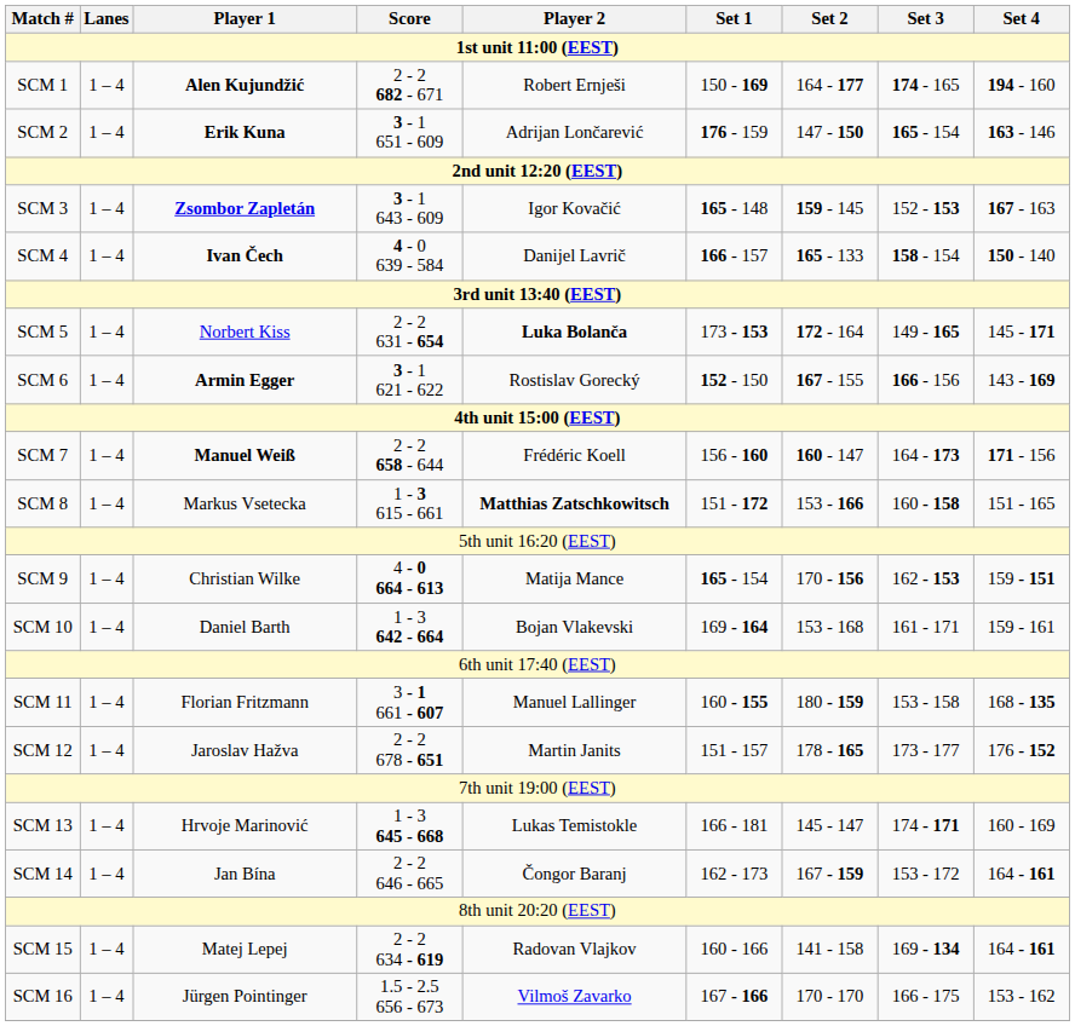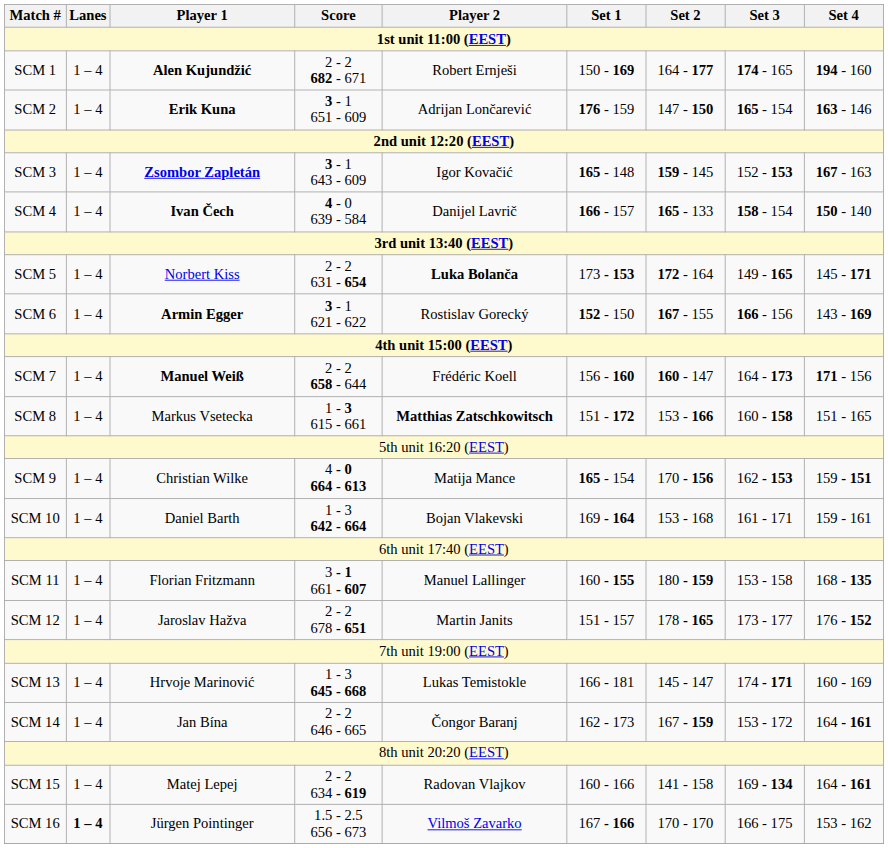 <table class="wikitable">
 <tr>
 <th width="7%">Match #</th>
 <th width="5%">Lanes</th>
 <th width="21%">Player 1</th>
 <th width="10%">Score</th>
 <th width="21%">Player 2</th>
 <th width="9%">Set 1</th>
 <th width="9%">Set 2</th>
 <th width="9%">Set 3</th>
 <th width="9%">Set 4</th>
 </tr>
 <tr>
 <td colspan="9" style="text-align:center; background-color:#FFFACD"><strong>1st unit 11:00 (<a href='#'>EEST</a>)</strong></td>
 </tr>
 <tr style=text-align:center;"background:#;">
 <td>SCM 1</td>
 <td>1 – 4</td>
 <td> <strong>Alen Kujundžić</strong></td>
 <td>2 - 2 <br> <strong>682</strong> - 671</td>
 <td> Robert Ernješi</td>
 <td>150 - <strong>169</strong></td>
 <td>164 - <strong>177</strong></td>
 <td><strong>174</strong> - 165</td>
 <td><strong>194</strong> - 160</td>
 </tr>
 <tr style=text-align:center;"background:#;">
 <td>SCM 2</td>
 <td>1 – 4</td>
 <td> <strong>Erik Kuna</strong></td>
 <td><strong>3</strong> - 1 <br> 651 - 609</td>
 <td> Adrijan Lončarević</td>
 <td><strong>176</strong> - 159</td>
 <td>147 - <strong>150</strong></td>
 <td><strong>165</strong> - 154</td>
 <td><strong>163</strong> - 146</td>
 </tr>
 <tr>
 <td colspan="9" style="text-align:center; background-color:#FFFACD"><strong>2nd unit 12:20 (<a href='#'>EEST</a>)</strong></td>
 </tr>
 <tr style=text-align:center;"background:#;">
 <td>SCM 3</td>
 <td>1 – 4</td>
 <td> <strong><a href='#'>Zsombor Zapletán</a></strong></td>
 <td><strong>3</strong> - 1 <br> 643 - 609</td>
 <td> Igor Kovačić</td>
 <td><strong>165</strong> - 148</td>
 <td><strong>159</strong> - 145</td>
 <td>152 - <strong>153</strong></td>
 <td><strong>167</strong> - 163</td>
 </tr>
 <tr style=text-align:center;"background:#;">
 <td>SCM 4</td>
 <td>1 – 4</td>
 <td> <strong>Ivan Čech</strong></td>
 <td><strong>4</strong> - 0 <br> 639 - 584</td>
 <td> Danijel Lavrič</td>
 <td><strong>166</strong> - 157</td>
 <td><strong>165</strong> - 133</td>
 <td><strong>158</strong> - 154</td>
 <td><strong>150</strong> - 140</td>
 </tr>
 <tr>
 <td colspan="9" style="text-align:center; background-color:#FFFACD"><strong>3rd unit 13:40 (<a href='#'>EEST</a>)</strong></td>
 </tr>
 <tr style=text-align:center;"background:#;">
 <td>SCM 5</td>
 <td>1 – 4</td>
 <td> <a href='#'>Norbert Kiss</a></td>
 <td>2 - 2 <br> 631 - <strong>654</strong></td>
 <td> <strong>Luka Bolanča</strong></td>
 <td></strong>173<strong> - 153</td>
 <td><strong>172</strong> - 164</td>
 <td>149 - <strong>165</strong></td>
 <td>145 - <strong>171</strong></td>
 </tr>
 <tr style=text-align:center;"background:#;">
 <td>SCM 6</td>
 <td>1 – 4</td>
 <td> <strong>Armin Egger</strong></td>
 <td><strong>3</strong> - 1 <br> 621 - 622</td>
 <td> Rostislav Gorecký</td>
 <td><strong>152</strong> - 150</td>
 <td><strong>167</strong> - 155</td>
 <td><strong>166</strong> - 156</td>
 <td>143 - <strong>169</strong></td>
 </tr>
 <tr>
 <td colspan="9" style="text-align:center; background-color:#FFFACD"><strong>4th unit 15:00 (<a href='#'>EEST</a>)</strong></td>
 </tr>
 <tr style=text-align:center;"background:#;">
 <td>SCM 7</td>
 <td>1 – 4</td>
 <td> <strong>Manuel Weiß</strong></td>
 <td>2 - 2 <br> <strong>658</strong> - 644</td>
 <td> Frédéric Koell</td>
 <td>156 - <strong>160</strong></td>
 <td><strong>160</strong> - 147</td>
 <td>164 - <strong>173</strong></td>
 <td><strong>171</strong> - 156</td>
 </tr>
 <tr style=text-align:center;"background:#;">
 <td>SCM 8</td>
 <td>1 – 4</td>
 <td> Markus Vsetecka</td>
 <td>1 - <strong>3</strong> <br> 615 - 661</td>
 <td> <strong>Matthias Zatschkowitsch</strong></td>
 <td>151 - <strong>172</strong></td>
 <td>153 - <strong>166<em></td>
 <td></strong>160<strong> - 158</td>
 <td>151 - </strong>165<strong></td>
 </tr>
 <tr>
 <td colspan="9" style="text-align:center; background-color:#FFFACD"></strong>5th unit 16:20 (<a href='#'>EEST</a>)<strong></td>
 </tr>
 <tr style=text-align:center;"background:#;">
 <td>SCM 9</td>
 <td>1 – 4</td>
 <td> </strong>Christian Wilke<strong></td>
 <td></strong>4<strong> - 0 <br> 664 - 613</td>
 <td> Matija Mance</td>
 <td><strong>165</strong> - 154</td>
 <td></strong>170<strong> - 156</td>
 <td></strong>162<strong> - 153</td>
 <td></strong>159<strong> - 151</td>
 </tr>
 <tr style=text-align:center;"background:#;">
 <td>SCM 10</td>
 <td>1 – 4</td>
 <td> Daniel Barth</td>
 <td>1 - </strong>3<strong> <br> 642 - 664</td>
 <td> </strong>Bojan Vlakevski<strong></td>
 <td></strong>169<strong> - 164</td>
 <td>153 - </strong>168<strong></td>
 <td>161 - </strong>171<strong></td>
 <td>159 - </strong>161<strong></td>
 </tr>
 <tr>
 <td colspan="9" style="text-align:center; background-color:#FFFACD"></strong>6th unit 17:40 (<a href='#'>EEST</a>)<strong></td>
 </tr>
 <tr style=text-align:center;"background:#;">
 <td>SCM 11</td>
 <td>1 – 4</td>
 <td> </strong>Florian Fritzmann<strong></td>
 <td></strong>3<strong> - 1 <br> </strong>661<strong> - 607</td>
 <td> Manuel Lallinger</td>
 <td></strong>160<strong> - 155</td>
 <td></strong>180<strong> - 159</td>
 <td>153 - </strong>158<strong></td>
 <td></strong>168<strong> - 135</td>
 </tr>
 <tr style=text-align:center;"background:#;">
 <td>SCM 12</td>
 <td>1 – 4</td>
 <td> </strong>Jaroslav Hažva<strong></td>
 <td>2 - 2 <br> </strong>678<strong> - 651</td>
 <td> Martin Janits</td>
 <td>151 - </strong>157<strong></td>
 <td></strong>178<strong> - 165</td>
 <td>173 - </strong>177<strong></td>
 <td></strong>176<strong> - 152</td>
 </tr>
 <tr>
 <td colspan="9" style="text-align:center; background-color:#FFFACD"></strong>7th unit 19:00 (<a href='#'>EEST</a>)<strong></td>
 </tr>
 <tr style=text-align:center;"background:#;">
 <td>SCM 13</td>
 <td>1 – 4</td>
 <td> Hrvoje Marinović</td>
 <td>1 - </strong>3<strong> <br> 645 - 668</td>
 <td> </strong>Lukas Temistokle<strong></td>
 <td>166 - </strong>181<strong></td>
 <td>145 - </strong>147<strong></td>
 <td></strong>174<strong> - 171</td>
 <td>160 - </strong>169<strong></td>
 </tr>
 <tr style=text-align:center;"background:#;">
 <td>SCM 14</td>
 <td>1 – 4</td>
 <td> Jan Bína</td>
 <td>2 - 2 <br> 646 - </strong>665<strong></td>
 <td> </strong>Čongor Baranj<strong></td>
 <td>162 - </strong>173<strong></td>
 <td></strong>167<strong> - 159</td>
 <td>153 - </strong>172<strong></td>
 <td></strong>164<strong> - 161</td>
 </tr>
 <tr>
 <td colspan="9" style="text-align:center; background-color:#FFFACD"></strong>8th unit 20:20 (<a href='#'>EEST</a>)<strong></td>
 </tr>
 <tr style=text-align:center;"background:#;">
 <td>SCM 15</td>
 <td>1 – 4</td>
 <td> </strong>Matej Lepej<strong></td>
 <td>2 - 2 <br> </strong>634<strong> - 619</td>
 <td> Radovan Vlajkov</td>
 <td>160 - </strong>166<strong></td>
 <td>141 - </strong>158<strong></td>
 <td></strong>169<strong> - 134</td>
 <td></strong>164<strong> - 161</td>
 </tr>
 <tr style=text-align:center;"background:#;">
 <td>SCM 16</td>
-<td>1 – 4</td>
+<td><strong>1 – 4</strong></td>
 <td> Jürgen Pointinger</td>
 <td>1.5 - 2.5 <br> 656 - </strong>673<strong></td>
 <td> </strong><a href='#'>Vilmoš Zavarko</a><strong></td>
 <td></strong>167<strong> - 166</td>
 <td></em>170<em> - </em>170<em></td>
 <td>166 - </strong>175<strong></td>
 <td>153 - </strong>162<strong></td>
 </tr>
 <tr>
 </tr>
 </table>
